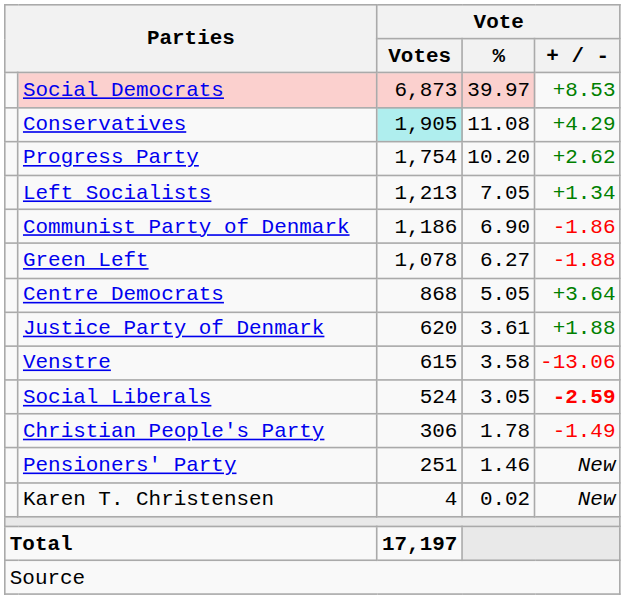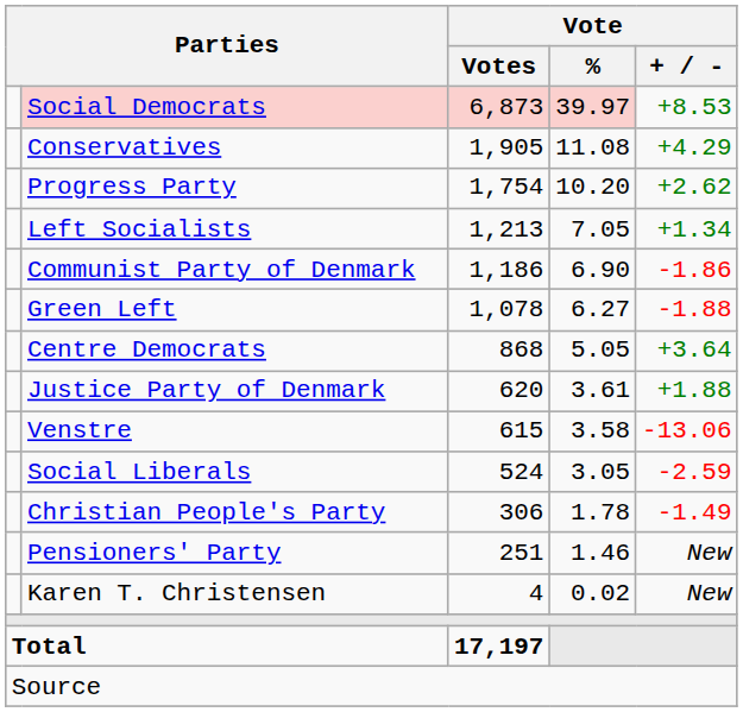 <table class="wikitable" style="text-align:right;">
 <tr>
 <th style="text-align:centre;" rowspan="2" colspan="2" width="225">Parties</th>
 <th colspan="3">Vote</th>
 </tr>
 <tr>
 <th width="15">Votes</th>
 <th width="15">%</th>
 <th width="15">+ / -</th>
 </tr>
 <tr>
 <td width="2" style="color:inherit;background:"></td>
 <td bgcolor=#fbd0ce  align="left"><a href='#'>Social Democrats</a></td>
 <td bgcolor=#fbd0ce>6,873</td>
 <td bgcolor=#fbd0ce>39.97</td>
 <td style=color:green;>+8.53</td>
 </tr>
 <tr>
 <td width="2" style="color:inherit;background:"></td>
 <td align="left"><a href='#'>Conservatives</a></td>
-<td style="background: paleturquoise;">1,905</td>
+<td>1,905</td>
 <td>11.08</td>
 <td style=color:green;>+4.29</td>
 </tr>
 <tr>
 <td width="2" style="color:inherit;background:"></td>
 <td align="left"><a href='#'>Progress Party</a></td>
 <td>1,754</td>
 <td>10.20</td>
 <td style=color:green;>+2.62</td>
 </tr>
 <tr>
 <td width="2" style="color:inherit;background:"></td>
 <td align="left"><a href='#'>Left Socialists</a></td>
 <td>1,213</td>
 <td>7.05</td>
 <td style=color:green;>+1.34</td>
 </tr>
 <tr>
 <td width="2" style="color:inherit;background:"></td>
 <td align="left"><a href='#'>Communist Party of Denmark</a></td>
 <td>1,186</td>
 <td>6.90</td>
 <td style=color:red;>-1.86</td>
 </tr>
 <tr>
 <td width="2" style="color:inherit;background:"></td>
 <td align="left"><a href='#'>Green Left</a></td>
 <td>1,078</td>
 <td>6.27</td>
 <td style=color:red;>-1.88</td>
 </tr>
 <tr>
 <td width="2" style="color:inherit;background:"></td>
 <td align="left"><a href='#'>Centre Democrats</a></td>
 <td>868</td>
 <td>5.05</td>
 <td style=color:green;>+3.64</td>
 </tr>
 <tr>
 <td width="2" style="color:inherit;background:"></td>
 <td align="left"><a href='#'>Justice Party of Denmark</a></td>
 <td>620</td>
 <td>3.61</td>
 <td style=color:green;>+1.88</td>
 </tr>
 <tr>
 <td width="2" style="color:inherit;background:"></td>
 <td align="left"><a href='#'>Venstre</a></td>
 <td>615</td>
 <td>3.58</td>
 <td style=color:red;>-13.06</td>
 </tr>
 <tr>
 <td width="2" style="color:inherit;background:"></td>
 <td align="left"><a href='#'>Social Liberals</a></td>
 <td>524</td>
 <td>3.05</td>
-<td style=color:red;><strong>-2.59</strong></td>
+<td style=color:red;>-2.59</td>
 </tr>
 <tr>
 <td width="2" style="color:inherit;background:"></td>
 <td align="left"><a href='#'>Christian People's Party</a></td>
 <td>306</td>
 <td>1.78</td>
 <td style=color:red;>-1.49</td>
 </tr>
 <tr>
 <td width="2" style="color:inherit;background:"></td>
 <td align="left"><a href='#'>Pensioners' Party</a></td>
 <td>251</td>
 <td>1.46</td>
 <td><em>New</em></td>
 </tr>
 <tr>
 <td width="2" style="color:inherit;background:"></td>
 <td align="left">Karen T. Christensen</td>
 <td>4</td>
 <td>0.02</td>
 <td><em>New</em></td>
 </tr>
 <tr>
 <td colspan="7" bgcolor="#E9E9E9"></td>
 </tr>
 <tr>
 <td align="left" colspan="2"><strong>Total</strong></td>
 <td><strong>17,197</strong></td>
 <td bgcolor="#E9E9E9" colspan="2"></td>
 </tr>
 <tr>
 <td align="left" colspan="6">Source</td>
 </tr>
 </table>
